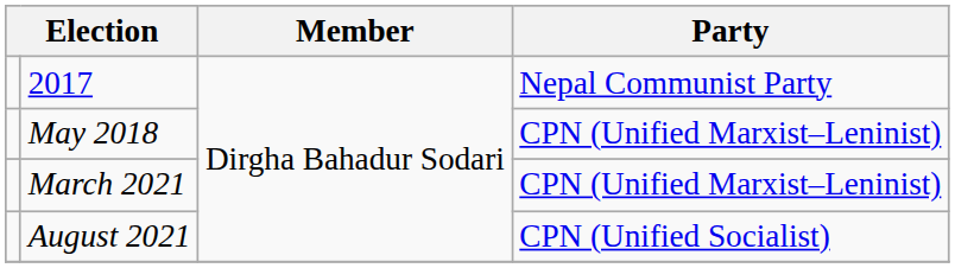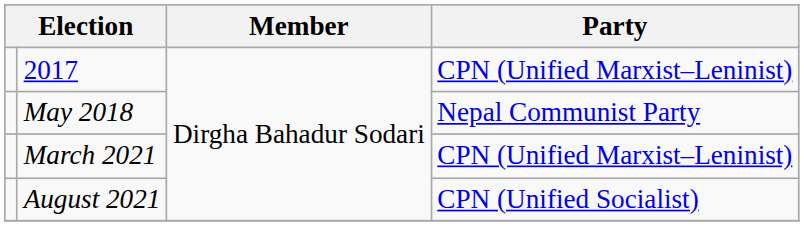 <table class="wikitable">
 <tr>
 <th colspan="2">Election</th>
 <th>Member</th>
 <th>Party</th>
 </tr>
 <tr>
 <td style="background-color:"></td>
 <td><a href='#'>2017</a></td>
 <td rowspan="4">Dirgha Bahadur Sodari</td>
-<td><a href='#'>Nepal Communist Party</a></td>
+<td><a href='#'>CPN (Unified Marxist–Leninist)</a></td>
 </tr>
 <tr>
 <td style="background-color:"></td>
 <td><em>May 2018</em></td>
-<td><a href='#'>CPN (Unified Marxist–Leninist)</a></td>
+<td><a href='#'>Nepal Communist Party</a></td>
 </tr>
 <tr>
 <td style="background-color:"></td>
 <td><em>March 2021</em></td>
 <td><a href='#'>CPN (Unified Marxist–Leninist)</a></td>
 </tr>
 <tr>
 <td style="background-color:"></td>
 <td><em>August 2021</em></td>
 <td><a href='#'>CPN (Unified Socialist)</a></td>
 </tr>
 <tr>
 </tr>
 </table>
